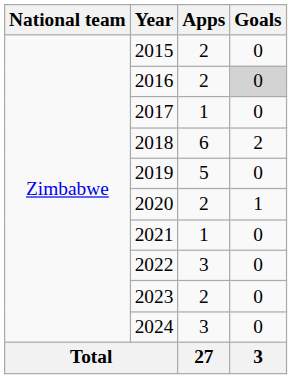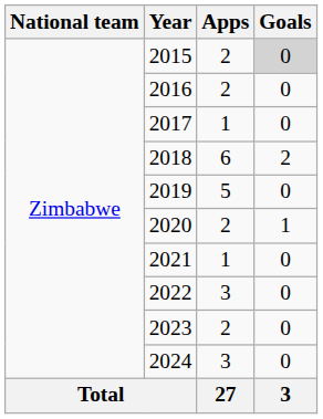 <table class="wikitable" style="text-align:center">
 <tr>
 <th>National team</th>
 <th>Year</th>
 <th>Apps</th>
 <th>Goals</th>
 </tr>
 <tr>
 <td rowspan="10"><a href='#'>Zimbabwe</a></td>
 <td>2015</td>
 <td>2</td>
-<td>0</td>
+<td style="background: lightgrey;">0</td>
 </tr>
 <tr>
 <td>2016</td>
 <td>2</td>
-<td style="background: lightgrey;">0</td>
+<td>0</td>
 </tr>
 <tr>
 <td>2017</td>
 <td>1</td>
 <td>0</td>
 </tr>
 <tr>
 <td>2018</td>
 <td>6</td>
 <td>2</td>
 </tr>
 <tr>
 <td>2019</td>
 <td>5</td>
 <td>0</td>
 </tr>
 <tr>
 <td>2020</td>
 <td>2</td>
 <td>1</td>
 </tr>
 <tr>
 <td>2021</td>
 <td>1</td>
 <td>0</td>
 </tr>
 <tr>
 <td>2022</td>
 <td>3</td>
 <td>0</td>
 </tr>
 <tr>
 <td>2023</td>
 <td>2</td>
 <td>0</td>
 </tr>
 <tr>
 <td>2024</td>
 <td>3</td>
 <td>0</td>
 </tr>
 <tr>
 <th colspan="2">Total</th>
 <th>27</th>
 <th>3</th>
 </tr>
 </table>
